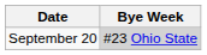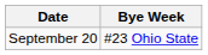 <table class="wikitable" style="font-size:95%;">
 <tr>
 <th>Date</th>
 <th>Bye Week</th>
 </tr>
 <tr>
 <td>September 20</td>
-<td style="background: lightgrey;">#23 <a href='#'>Ohio State</a></td>
+<td>#23 <a href='#'>Ohio State</a></td>
 </tr>
 </table>
